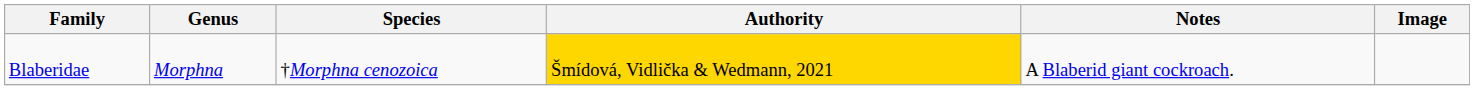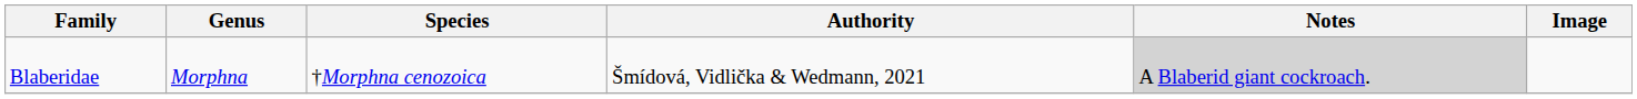 <table class="wikitable" align="center" width="100%">
 <tr>
 <th>Family</th>
 <th>Genus</th>
 <th>Species</th>
 <th>Authority</th>
 <th>Notes</th>
 <th>Image</th>
 </tr>
 <tr>
 <td><br><a href='#'>Blaberidae</a></td>
 <td><br><em><a href='#'>Morphna</a></em></td>
 <td><br>†<em><a href='#'>Morphna cenozoica</a></em></td>
-<td style="background: gold;"><br>Šmídová, Vidlička & Wedmann, 2021</td>
-<td><br>A <a href='#'>Blaberid giant cockroach</a>.</td>
+<td><br>Šmídová, Vidlička & Wedmann, 2021</td>
+<td style="background: lightgrey;"><br>A <a href='#'>Blaberid giant cockroach</a>.</td>
 <td></td>
 </tr>
 <tr>
 </tr>
 </table>
